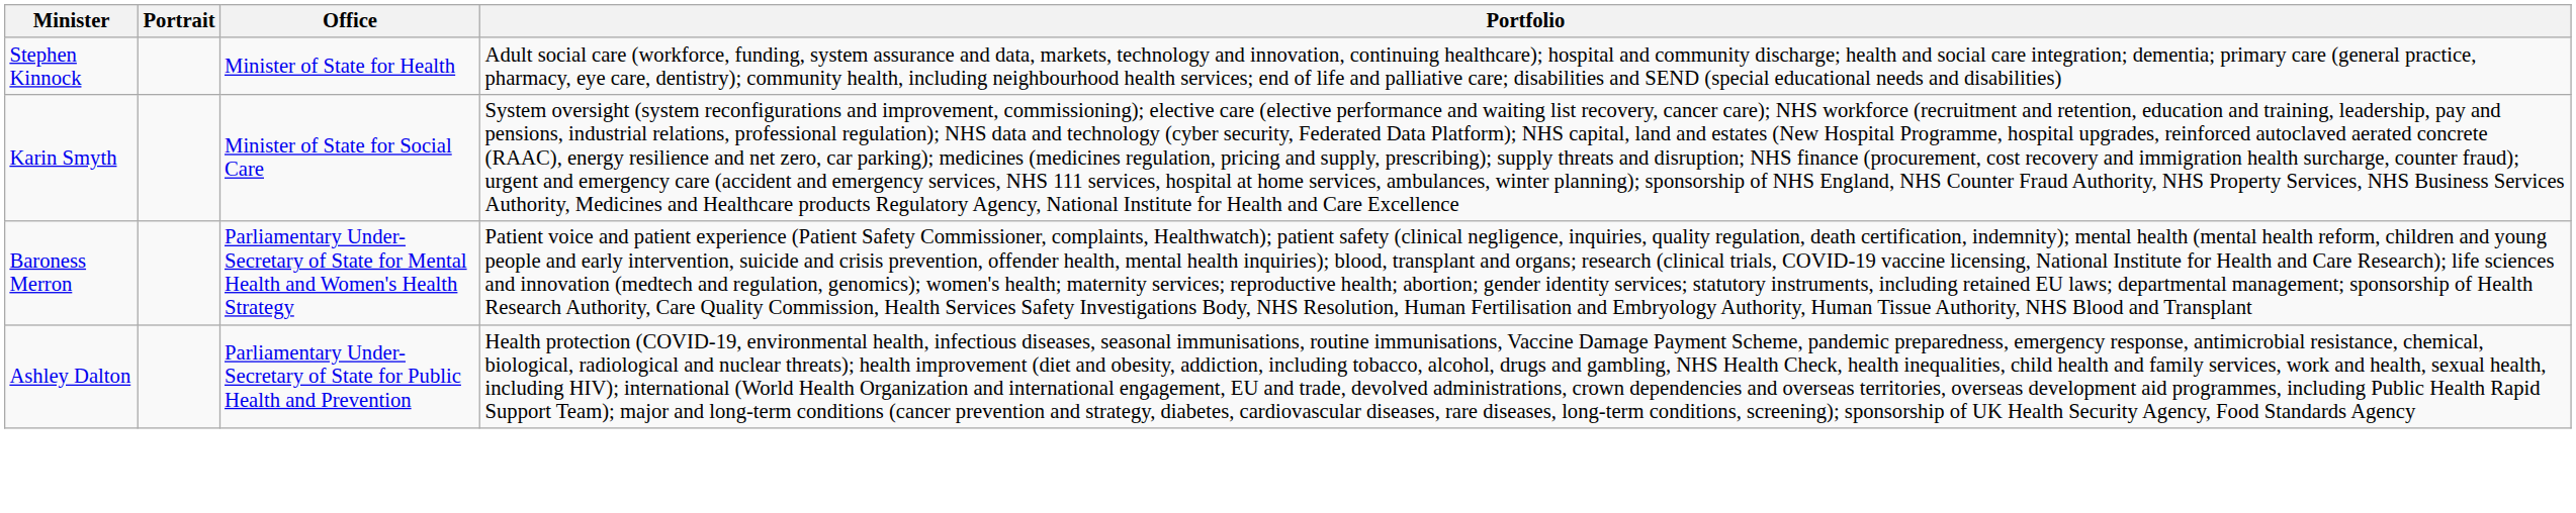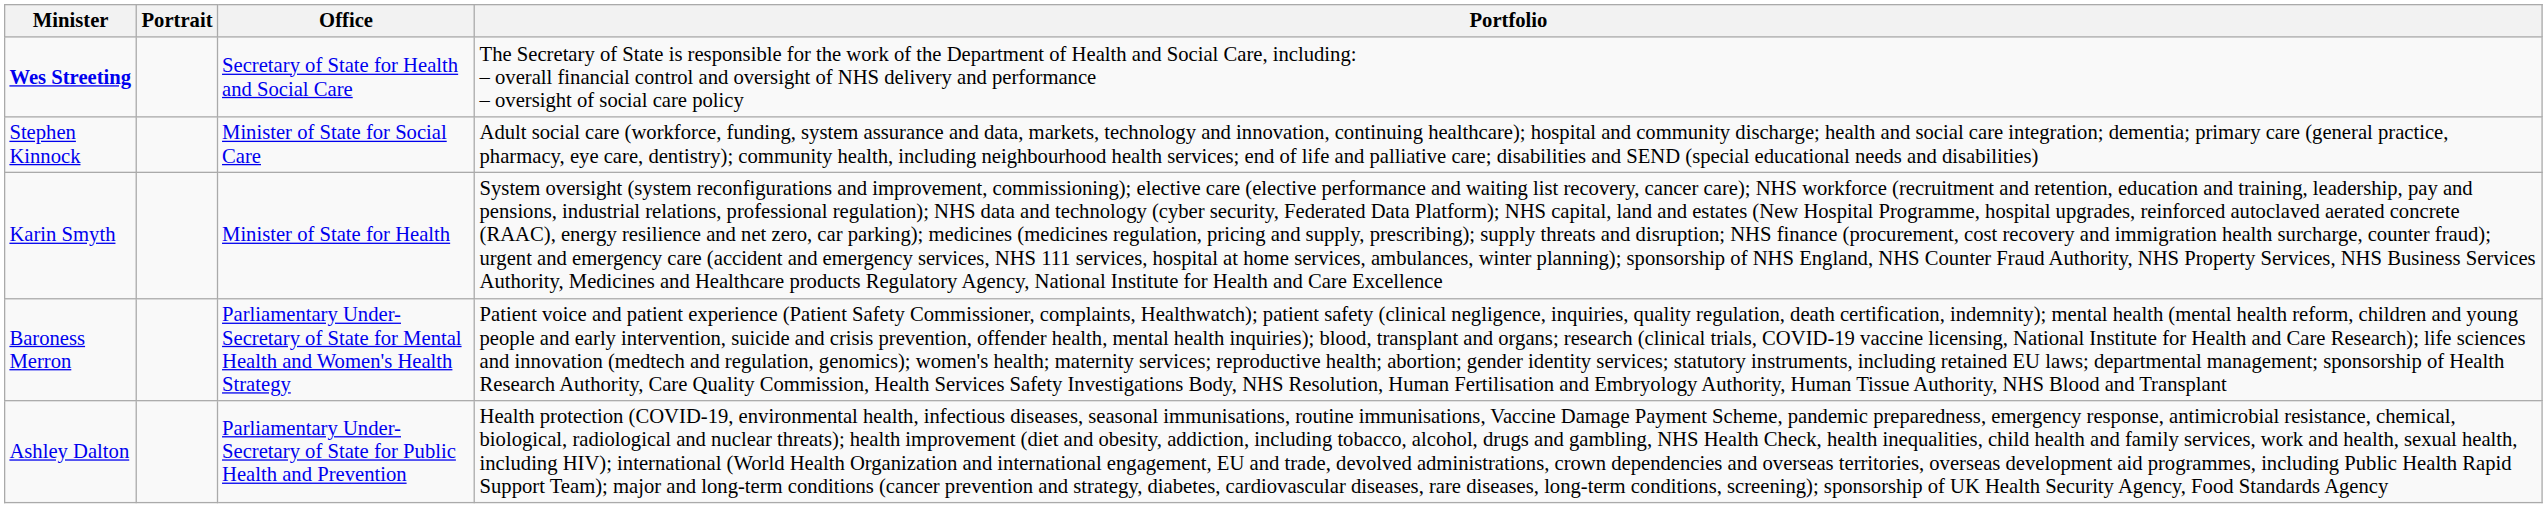 <table class="wikitable">
 <tr>
 <th width=95x>Minister</th>
 <th>Portrait</th>
 <th>Office</th>
 <th>Portfolio</th>
 </tr>
 <tr>
+<td> <strong><a href='#'>Wes Streeting</a></strong> </td>
+<td></td>
+<td><a href='#'>Secretary of State for Health and Social Care</a></td>
+<td>The Secretary of State is responsible for the work of the Department of Health and Social Care, including:<br>– overall financial control and oversight of NHS delivery and performance<br> – oversight of social care policy</td>
+</tr>
+<tr>
 <td> <a href='#'>Stephen Kinnock</a> </td>
 <td></td>
-<td><a href='#'>Minister of State for Health</a></td>
+<td><a href='#'>Minister of State for Social Care</a></td>
 <td>Adult social care (workforce, funding, system assurance and data, markets, technology and innovation, continuing healthcare); hospital and community discharge; health and social care integration; dementia; primary care (general practice, pharmacy, eye care, dentistry); community health, including neighbourhood health services; end of life and palliative care; disabilities and SEND (special educational needs and disabilities)</td>
 </tr>
 <tr>
 <td><a href='#'>Karin Smyth</a> </td>
 <td></td>
-<td><a href='#'>Minister of State for Social Care</a></td>
+<td><a href='#'>Minister of State for Health</a></td>
 <td>System oversight (system reconfigurations and improvement, commissioning); elective care (elective performance and waiting list recovery, cancer care); NHS workforce (recruitment and retention, education and training, leadership, pay and pensions, industrial relations, professional regulation); NHS data and technology (cyber security, Federated Data Platform); NHS capital, land and estates (New Hospital Programme, hospital upgrades, reinforced autoclaved aerated concrete (RAAC), energy resilience and net zero, car parking); medicines (medicines regulation, pricing and supply, prescribing); supply threats and disruption; NHS finance (procurement, cost recovery and immigration health surcharge, counter fraud); urgent and emergency care (accident and emergency services, NHS 111 services, hospital at home services, ambulances, winter planning); sponsorship of NHS England, NHS Counter Fraud Authority, NHS Property Services, NHS Business Services Authority, Medicines and Healthcare products Regulatory Agency, National Institute for Health and Care Excellence</td>
 </tr>
 <tr>
 <td> <a href='#'>Baroness Merron</a></td>
 <td></td>
 <td><a href='#'>Parliamentary Under-Secretary of State for Mental Health and Women's Health Strategy</a></td>
 <td>Patient voice and patient experience (Patient Safety Commissioner, complaints, Healthwatch); patient safety (clinical negligence, inquiries, quality regulation, death certification, indemnity); mental health (mental health reform, children and young people and early intervention, suicide and crisis prevention, offender health, mental health inquiries); blood, transplant and organs; research (clinical trials, COVID-19 vaccine licensing, National Institute for Health and Care Research); life sciences and innovation (medtech and regulation, genomics); women's health; maternity services; reproductive health; abortion; gender identity services; statutory instruments, including retained EU laws; departmental management; sponsorship of Health Research Authority, Care Quality Commission, Health Services Safety Investigations Body, NHS Resolution, Human Fertilisation and Embryology Authority, Human Tissue Authority, NHS Blood and Transplant</td>
 </tr>
 <tr>
 <td><a href='#'>Ashley Dalton</a> </td>
 <td></td>
 <td><a href='#'>Parliamentary Under-Secretary of State for Public Health and Prevention</a></td>
 <td>Health protection (COVID-19, environmental health, infectious diseases, seasonal immunisations, routine immunisations, Vaccine Damage Payment Scheme, pandemic preparedness, emergency response, antimicrobial resistance, chemical, biological, radiological and nuclear threats); health improvement (diet and obesity, addiction, including tobacco, alcohol, drugs and gambling, NHS Health Check, health inequalities, child health and family services, work and health, sexual health, including HIV); international (World Health Organization and international engagement, EU and trade, devolved administrations, crown dependencies and overseas territories, overseas development aid programmes, including Public Health Rapid Support Team); major and long-term conditions (cancer prevention and strategy, diabetes, cardiovascular diseases, rare diseases, long-term conditions, screening); sponsorship of UK Health Security Agency, Food Standards Agency</td>
 </tr>
 </table>
